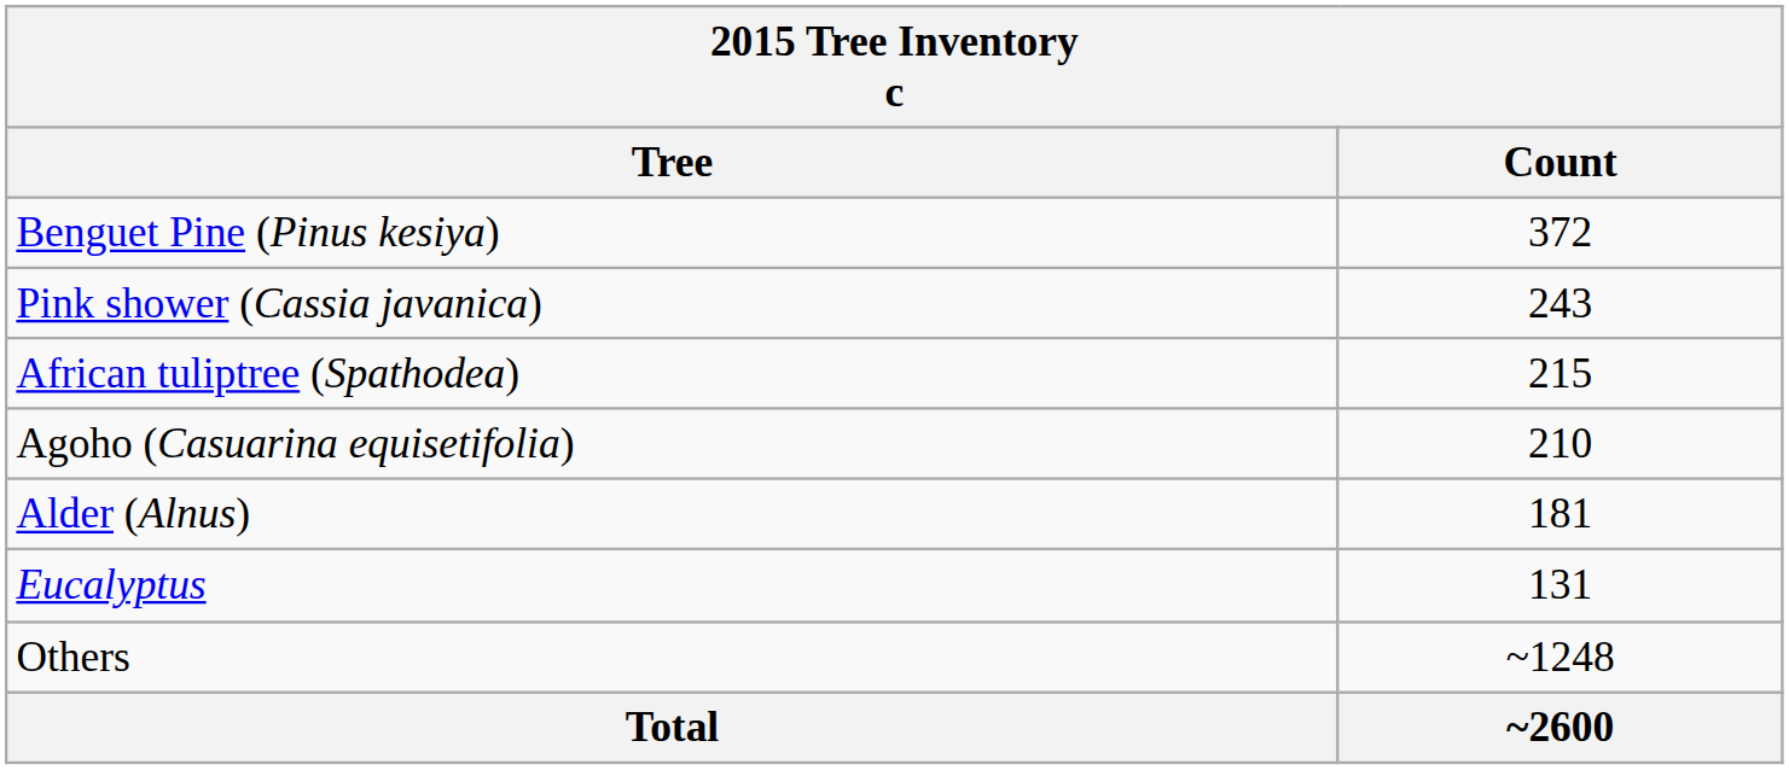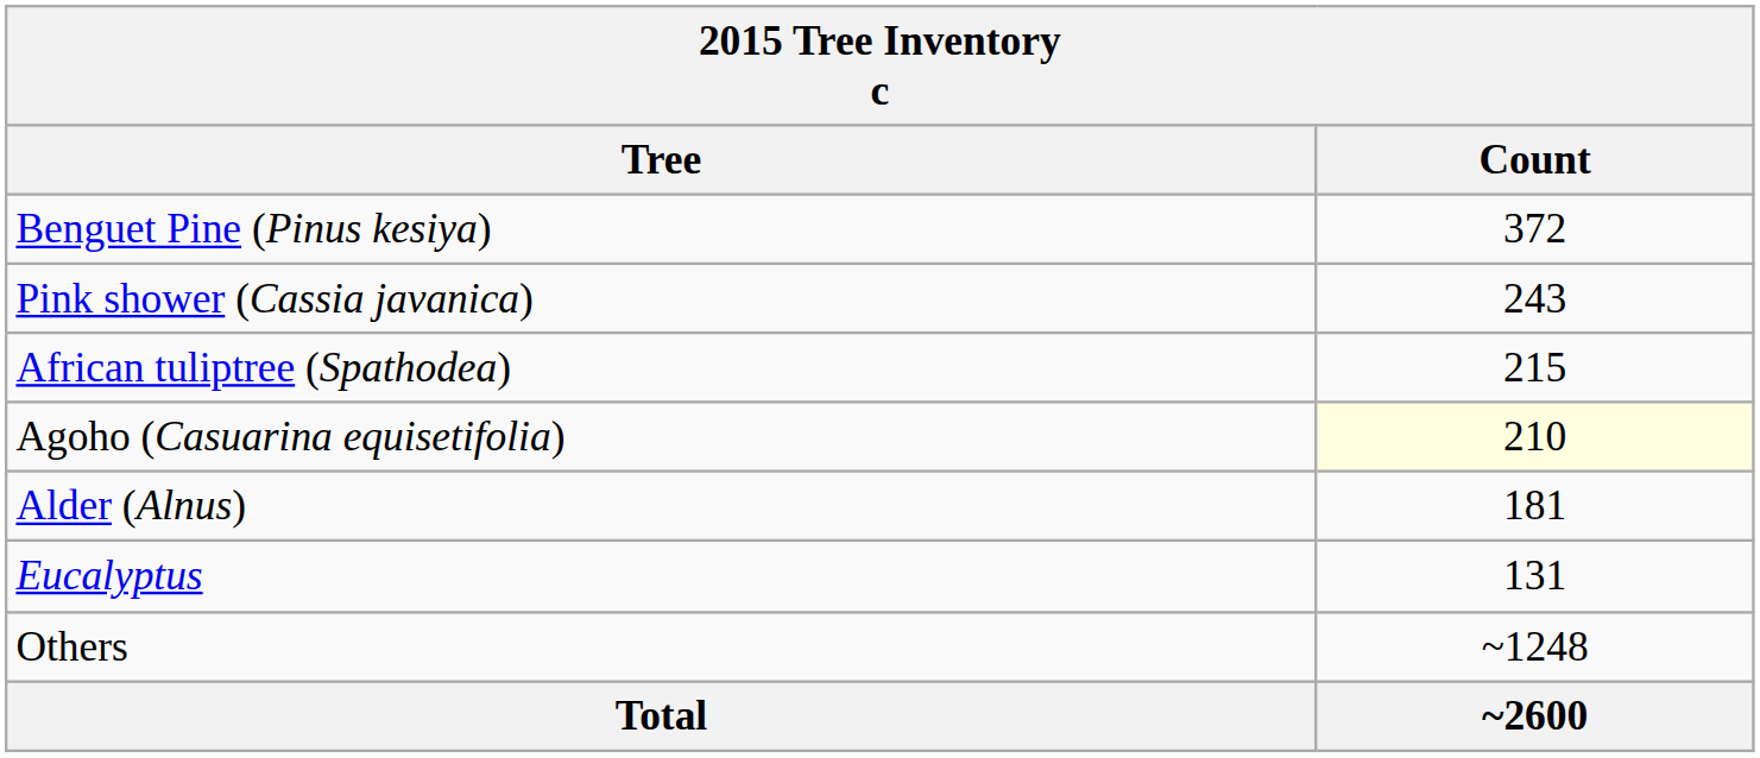 <table class="wikitable collapsible" style="text-align: center; font-size:95%;" width=50%>
 <tr>
 <th colspan=2>2015 Tree Inventory<br>c</th>
 </tr>
 <tr>
 <th>Tree</th>
 <th width=25%>Count</th>
 </tr>
 <tr>
 <td align=left><a href='#'>Benguet Pine</a> (<em>Pinus kesiya</em>)</td>
 <td>372</td>
 </tr>
 <tr>
 <td align=left><a href='#'>Pink shower</a> (<em>Cassia javanica</em>)</td>
 <td>243</td>
 </tr>
 <tr>
 <td align=left><a href='#'>African tuliptree</a> (<em>Spathodea</em>)</td>
 <td>215</td>
 </tr>
 <tr>
 <td align=left>Agoho (<em>Casuarina equisetifolia</em>)</td>
-<td>210</td>
+<td style="background: lightyellow;">210</td>
 </tr>
 <tr>
 <td align=left><a href='#'>Alder</a> (<em>Alnus</em>)</td>
 <td>181</td>
 </tr>
 <tr>
 <td align=left><em><a href='#'>Eucalyptus</a></em></td>
 <td>131</td>
 </tr>
 <tr>
 <td align=left>Others</td>
 <td>~1248</td>
 </tr>
 <tr>
 <th>Total</th>
 <th>~2600</th>
 </tr>
 </table>
